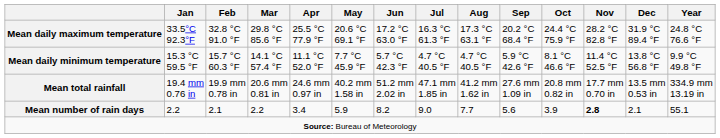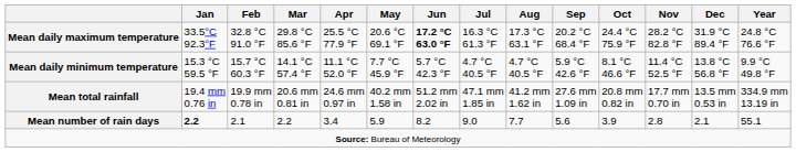 <table class="wikitable" style="width: 75%; margin: 0 auto 0 auto; font-size:80%;">
 <tr>
 <th></th>
 <th>Jan</th>
 <th>Feb</th>
 <th>Mar</th>
 <th>Apr</th>
 <th>May</th>
 <th>Jun</th>
 <th>Jul</th>
 <th>Aug</th>
 <th>Sep</th>
 <th>Oct</th>
 <th>Nov</th>
 <th>Dec</th>
 <th>Year</th>
 </tr>
 <tr>
 <th>Mean daily maximum temperature</th>
 <td>33.5<a href='#'>°C</a><br>92.3<a href='#'>°F</a></td>
 <td>32.8 °C<br>91.0 °F</td>
 <td>29.8 °C<br>85.6 °F</td>
 <td>25.5 °C<br>77.9 °F</td>
 <td>20.6 °C<br>69.1 °F</td>
-<td>17.2 °C<br>63.0 °F</td>
+<td><strong>17.2 °C<br>63.0 °F</strong></td>
 <td>16.3 °C<br>61.3 °F</td>
 <td>17.3 °C<br>63.1 °F</td>
 <td>20.2 °C<br>68.4 °F</td>
 <td>24.4 °C<br>75.9 °F</td>
 <td>28.2 °C<br>82.8 °F</td>
 <td>31.9 °C<br>89.4 °F</td>
 <td>24.8 °C<br>76.6 °F</td>
 </tr>
 <tr>
 <th>Mean daily minimum temperature</th>
 <td>15.3 °C<br>59.5 °F</td>
 <td>15.7 °C<br>60.3 °F</td>
 <td>14.1 °C<br>57.4 °F</td>
 <td>11.1 °C<br>52.0 °F</td>
 <td>7.7 °C<br>45.9 °F</td>
 <td>5.7 °C<br>42.3 °F</td>
 <td>4.7 °C<br>40.5 °F</td>
 <td>4.7 °C<br>40.5 °F</td>
 <td>5.9 °C<br>42.6 °F</td>
 <td>8.1 °C<br>46.6 °F</td>
 <td>11.4 °C<br>52.5 °F</td>
 <td>13.8 °C<br>56.8 °F</td>
 <td>9.9 °C<br>49.8 °F</td>
 </tr>
 <tr>
 <th>Mean total rainfall</th>
 <td>19.4 <a href='#'>mm</a><br>0.76 <a href='#'>in</a></td>
 <td>19.9 mm<br>0.78 in</td>
 <td>20.6 mm<br>0.81 in</td>
 <td>24.6 mm<br>0.97 in</td>
 <td>40.2 mm<br>1.58 in</td>
 <td>51.2 mm<br>2.02 in</td>
 <td>47.1 mm<br>1.85 in</td>
 <td>41.2 mm<br>1.62 in</td>
 <td>27.6 mm<br>1.09 in</td>
 <td>20.8 mm<br>0.82 in</td>
 <td>17.7 mm<br>0.70 in</td>
 <td>13.5 mm<br>0.53 in</td>
 <td>334.9 mm<br>13.19 in</td>
 </tr>
 <tr>
 <th>Mean number of rain days</th>
-<td>2.2</td>
+<td><strong>2.2</strong></td>
 <td>2.1</td>
 <td>2.2</td>
 <td>3.4</td>
 <td>5.9</td>
 <td>8.2</td>
 <td>9.0</td>
 <td>7.7</td>
 <td>5.6</td>
 <td>3.9</td>
-<td><strong>2.8</strong></td>
+<td>2.8</td>
 <td>2.1</td>
 <td>55.1</td>
 </tr>
 <tr>
 <td colspan="15" style="text-align: center;"><small><strong>Source:</strong> Bureau of Meteorology</small></td>
 </tr>
 </table>
